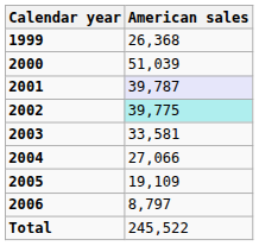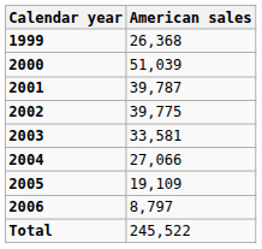 <table class="wikitable">
 <tr>
 <th>Calendar year</th>
 <th>American sales</th>
 </tr>
 <tr>
 <td><strong>1999</strong></td>
 <td>26,368</td>
 </tr>
 <tr>
 <td><strong>2000</strong></td>
 <td>51,039</td>
 </tr>
 <tr>
 <td><strong>2001</strong></td>
-<td style="background: lavender;">39,787</td>
+<td>39,787</td>
 </tr>
 <tr>
 <td><strong>2002</strong></td>
-<td style="background: paleturquoise;">39,775</td>
+<td>39,775</td>
 </tr>
 <tr>
 <td><strong>2003</strong></td>
 <td>33,581</td>
 </tr>
 <tr>
 <td><strong>2004</strong></td>
 <td>27,066</td>
 </tr>
 <tr>
 <td><strong>2005</strong></td>
 <td>19,109</td>
 </tr>
 <tr>
 <td><strong>2006</strong></td>
 <td>8,797</td>
 </tr>
 <tr>
 <td><strong>Total</strong></td>
 <td>245,522</td>
 </tr>
 </table>
